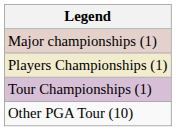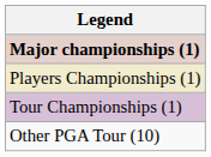 <table class="wikitable" style="font-size:95%;">
 <tr>
 <th>Legend</th>
 </tr>
 <tr style="background:#e5d1cb;">
-<td>Major championships (1)</td>
+<td><strong>Major championships (1)</strong></td>
 </tr>
 <tr style="background:#f2ecce;">
 <td>Players Championships (1)</td>
 </tr>
 <tr style="background:thistle;">
 <td>Tour Championships (1)</td>
 </tr>
 <tr>
 <td>Other PGA Tour (10)</td>
 </tr>
 </table>
